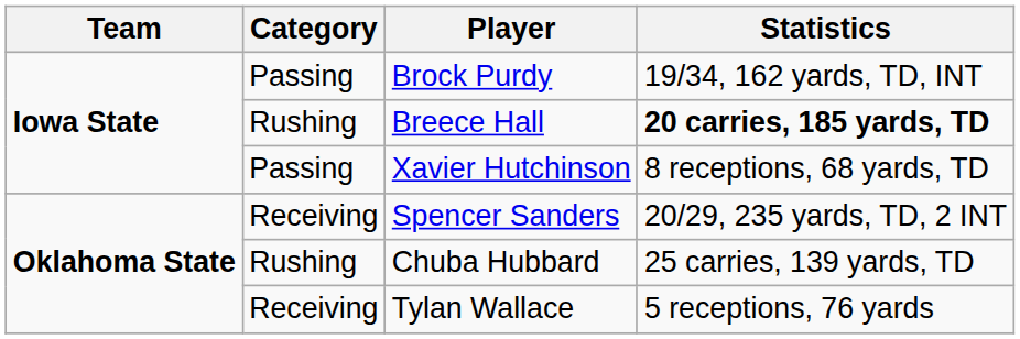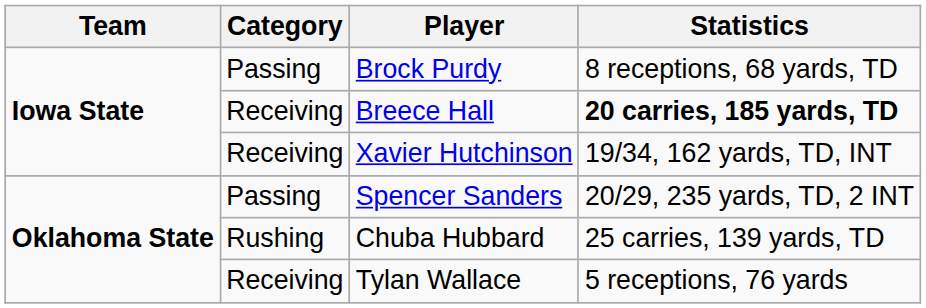 <table class="wikitable" style="float: right;">
 <tr>
 <th>Team</th>
 <th>Category</th>
 <th>Player</th>
 <th>Statistics</th>
 </tr>
 <tr>
 <td rowspan=3><strong>Iowa State</strong></td>
 <td>Passing</td>
 <td><a href='#'>Brock Purdy</a></td>
-<td>19/34, 162 yards, TD, INT</td>
+<td>8 receptions, 68 yards, TD</td>
 </tr>
 <tr>
-<td>Rushing</td>
+<td>Receiving</td>
 <td><a href='#'>Breece Hall</a></td>
 <td><strong>20 carries, 185 yards, TD</strong></td>
 </tr>
 <tr>
-<td>Passing</td>
+<td>Receiving</td>
 <td><a href='#'>Xavier Hutchinson</a></td>
-<td>8 receptions, 68 yards, TD</td>
+<td>19/34, 162 yards, TD, INT</td>
 </tr>
 <tr>
 <td rowspan=3><strong>Oklahoma State</strong></td>
-<td>Receiving</td>
+<td>Passing</td>
 <td><a href='#'>Spencer Sanders</a></td>
 <td>20/29, 235 yards, TD, 2 INT</td>
 </tr>
 <tr>
 <td>Rushing</td>
 <td>Chuba Hubbard</td>
 <td>25 carries, 139 yards, TD</td>
 </tr>
 <tr>
 <td>Receiving</td>
 <td>Tylan Wallace</td>
 <td>5 receptions, 76 yards</td>
 </tr>
 </table>
